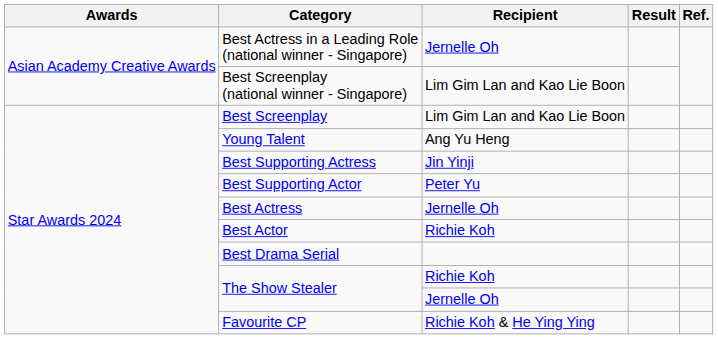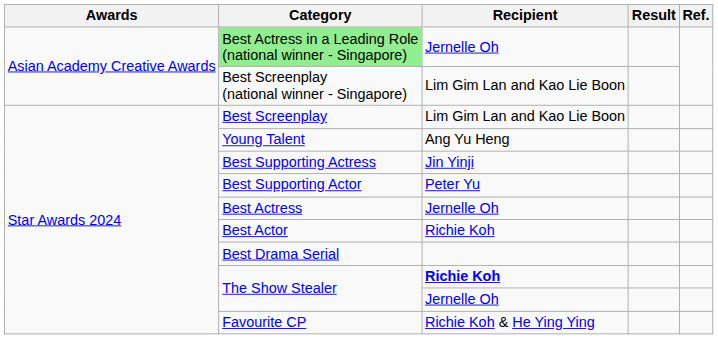 <table class="wikitable">
 <tr>
 <th>Awards</th>
 <th>Category</th>
 <th>Recipient</th>
 <th>Result</th>
 <th>Ref.</th>
 </tr>
 <tr>
 <td rowspan=2><a href='#'>Asian Academy Creative Awards</a></td>
-<td>Best Actress in a Leading Role<br>(national winner - Singapore)</td>
+<td style="background: lightgreen;">Best Actress in a Leading Role<br>(national winner - Singapore)</td>
 <td><a href='#'>Jernelle Oh</a></td>
 <td></td>
 <td rowspan=2></td>
 </tr>
 <tr>
 <td>Best Screenplay<br>(national winner - Singapore)</td>
 <td>Lim Gim Lan and Kao Lie Boon</td>
 <td></td>
 </tr>
 <tr>
 <td rowspan="10"><a href='#'>Star Awards 2024</a></td>
 <td><a href='#'>Best Screenplay</a></td>
 <td>Lim Gim Lan and Kao Lie Boon</td>
 <td></td>
 <td></td>
 </tr>
 <tr>
 <td><a href='#'> Young Talent</a></td>
 <td>Ang Yu Heng</td>
 <td></td>
 <td></td>
 </tr>
 <tr>
 <td><a href='#'>Best Supporting Actress</a></td>
 <td><a href='#'>Jin Yinji</a></td>
 <td></td>
 <td></td>
 </tr>
 <tr>
 <td><a href='#'>Best Supporting Actor</a></td>
 <td><a href='#'>Peter Yu</a></td>
 <td></td>
 <td></td>
 </tr>
 <tr>
 <td><a href='#'>Best Actress</a></td>
 <td><a href='#'>Jernelle Oh</a></td>
 <td></td>
 <td></td>
 </tr>
 <tr>
 <td><a href='#'>Best Actor</a></td>
 <td><a href='#'>Richie Koh</a></td>
 <td></td>
 <td></td>
 </tr>
 <tr>
 <td><a href='#'>Best Drama Serial</a></td>
 <td></td>
 <td></td>
 <td></td>
 </tr>
 <tr>
 <td rowspan="2"><a href='#'>The Show Stealer</a></td>
-<td><a href='#'>Richie Koh</a></td>
+<td><strong><a href='#'>Richie Koh</a></strong></td>
 <td></td>
 <td></td>
 </tr>
 <tr>
 <td><a href='#'>Jernelle Oh</a></td>
 <td></td>
 <td></td>
 </tr>
 <tr>
 <td><a href='#'>Favourite CP</a></td>
 <td><a href='#'>Richie Koh</a> & <a href='#'>He Ying Ying</a></td>
 <td></td>
 <td></td>
 </tr>
 </table>
